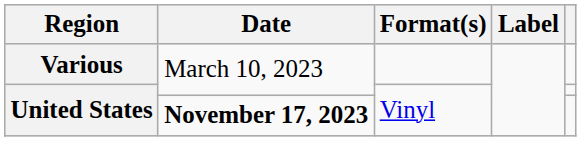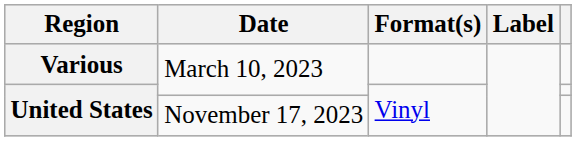 <table class="wikitable plainrowheaders">
 <tr>
 <th scope="col">Region</th>
 <th scope="col">Date</th>
 <th scope="col">Format(s)</th>
 <th scope="col">Label</th>
 <th scope="col"></th>
 </tr>
 <tr>
 <th scope="row">Various</th>
 <td rowspan="2">March 10, 2023</td>
 <td></td>
 <td rowspan="3"></td>
 <td style="text-align:center;"></td>
 </tr>
 <tr>
 <th scope="row" rowspan="2">United States</th>
 <td rowspan="2"><a href='#'>Vinyl</a></td>
 <td style="text-align:center;"></td>
 </tr>
 <tr>
-<td><strong>November 17, 2023</strong></td>
+<td>November 17, 2023</td>
 <td style="text-align:center;"></td>
 </tr>
 </table>
